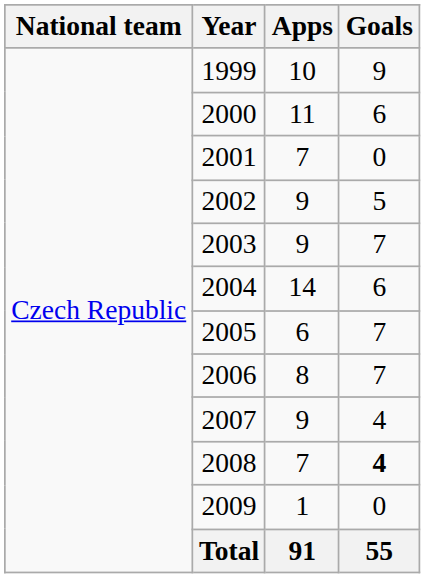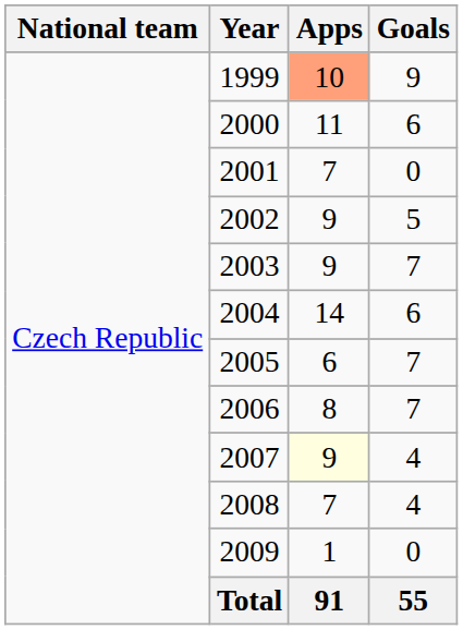 <table class="wikitable" style="text-align:center">
 <tr>
 <th>National team</th>
 <th>Year</th>
 <th>Apps</th>
 <th>Goals</th>
 </tr>
 <tr>
 <td rowspan="12"><a href='#'>Czech Republic</a></td>
 <td>1999</td>
-<td>10</td>
+<td style="background: lightsalmon;">10</td>
 <td>9</td>
 </tr>
 <tr>
 <td>2000</td>
 <td>11</td>
 <td>6</td>
 </tr>
 <tr>
 <td>2001</td>
 <td>7</td>
 <td>0</td>
 </tr>
 <tr>
 <td>2002</td>
 <td>9</td>
 <td>5</td>
 </tr>
 <tr>
 <td>2003</td>
 <td>9</td>
 <td>7</td>
 </tr>
 <tr>
 <td>2004</td>
 <td>14</td>
 <td>6</td>
 </tr>
 <tr>
 <td>2005</td>
 <td>6</td>
 <td>7</td>
 </tr>
 <tr>
 <td>2006</td>
 <td>8</td>
 <td>7</td>
 </tr>
 <tr>
 <td>2007</td>
-<td>9</td>
+<td style="background: lightyellow;">9</td>
 <td>4</td>
 </tr>
 <tr>
 <td>2008</td>
 <td>7</td>
-<td><strong>4</strong></td>
+<td>4</td>
 </tr>
 <tr>
 <td>2009</td>
 <td>1</td>
 <td>0</td>
 </tr>
 <tr>
 <th>Total</th>
 <th>91</th>
 <th>55</th>
 </tr>
 </table>
